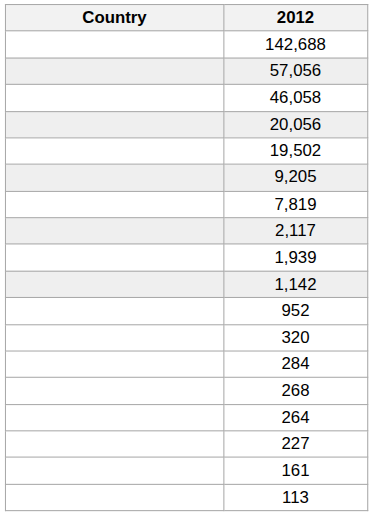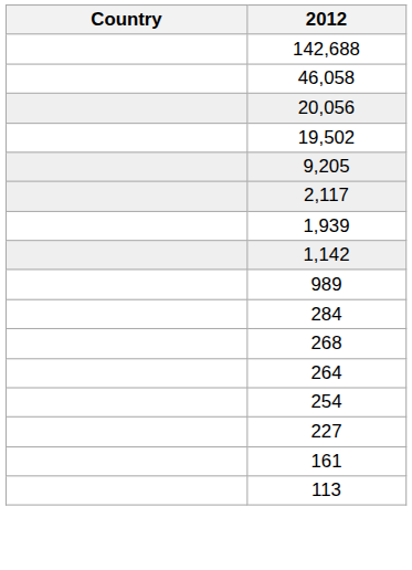 <table class="wikitable" style="margin:1em auto;">
 <tr>
 <th width="200px">Country</th>
 <th width="130px">2012</th>
 </tr>
 <tr bgcolor="ffffff">
 <td align=left></td>
 <td align=center>142,688</td>
-</tr>
-<tr bgcolor="efefef">
-<td align=left></td>
-<td align=center>57,056</td>
 </tr>
 <tr bgcolor="ffffff">
 <td align=left></td>
 <td align=center>46,058</td>
 </tr>
 <tr bgcolor="efefef">
 <td align=left></td>
 <td align=center>20,056</td>
 </tr>
 <tr bgcolor="ffffff">
 <td align=left></td>
 <td align=center>19,502</td>
 </tr>
 <tr bgcolor="efefef">
 <td align=left></td>
 <td align=center>9,205</td>
 </tr>
-<tr bgcolor="ffffff">
-<td align=left></td>
-<td align=center>7,819</td>
-</tr>
 <tr bgcolor="efefef">
 <td align=left></td>
 <td align=center>2,117</td>
 </tr>
 <tr bgcolor="ffffff">
 <td align=left></td>
 <td align=center>1,939</td>
 </tr>
 <tr bgcolor="efefef">
 <td align=left></td>
 <td align=center>1,142</td>
 </tr>
 <tr bgcolor="ffffff">
 <td align=left></td>
-<td align=center>952</td>
-</tr>
-<tr bgcolor="ffffff">
-<td align=left></td>
-<td align=center>320</td>
+<td align=center>989</td>
 </tr>
 <tr bgcolor="ffffff">
 <td align=left></td>
 <td align=center>284</td>
 </tr>
 <tr bgcolor="ffffff">
 <td align=left></td>
 <td align=center>268</td>
 </tr>
 <tr bgcolor="ffffff">
 <td align=left></td>
 <td align=center>264</td>
 </tr>
 <tr bgcolor="ffffff">
 <td align=left></td>
+<td align=center>254</td>
+</tr>
+<tr bgcolor="ffffff">
+<td align=left></td>
 <td align=center>227</td>
 </tr>
 <tr bgcolor="ffffff">
 <td align=left></td>
 <td align=center>161</td>
 </tr>
 <tr bgcolor="ffffff">
 <td align=left></td>
 <td align=center>113</td>
 </tr>
 </table>
